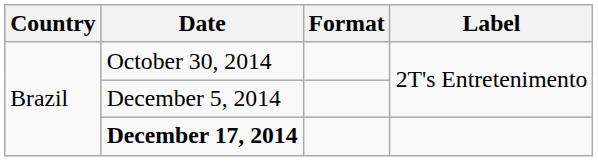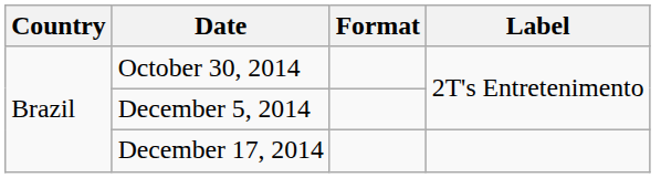 <table class="wikitable plainrowheaders">
 <tr>
 <th scope="col">Country</th>
 <th scope="col">Date</th>
 <th scope="col">Format</th>
 <th scope="col">Label</th>
 </tr>
 <tr>
 <td rowspan="3">Brazil</td>
 <td rowspan="1">October 30, 2014</td>
 <td rowspan="1"></td>
 <td rowspan="2">2T's Entretenimento</td>
 </tr>
 <tr>
 <td rowspan="1">December 5, 2014</td>
 <td rowspan="1"></td>
 </tr>
 <tr>
-<td rowspan="1"><strong>December 17, 2014</strong></td>
+<td rowspan="1">December 17, 2014</td>
 <td rowspan="1"></td>
 <td rowspan="1"></td>
 </tr>
 </table>
